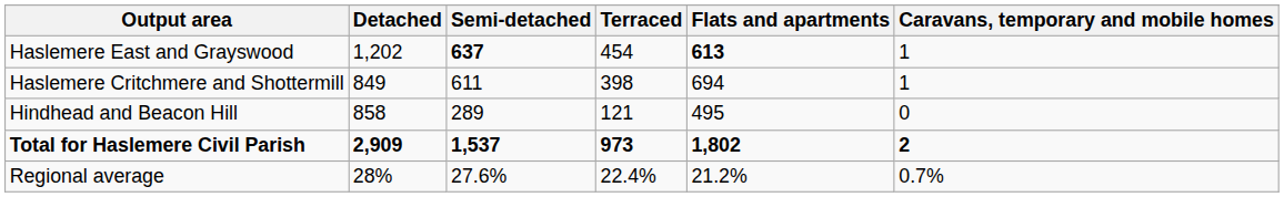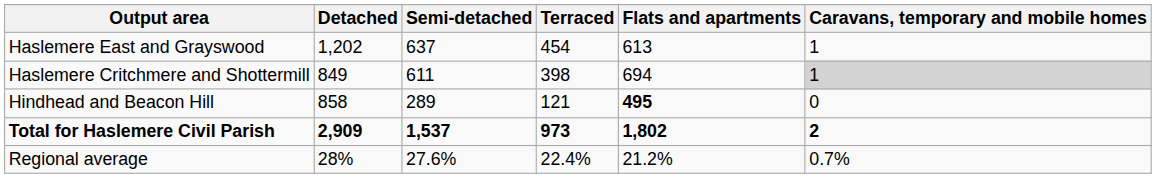 <table class="wikitable">
 <tr>
 </tr>
 <tr>
 <th>Output area</th>
 <th>Detached</th>
 <th>Semi-detached</th>
 <th>Terraced</th>
 <th>Flats and apartments</th>
 <th>Caravans, temporary and mobile homes</th>
 </tr>
 <tr>
 <td>Haslemere East and Grayswood</td>
 <td>1,202</td>
-<td><strong>637</strong></td>
+<td>637</td>
 <td>454</td>
-<td><strong>613</strong></td>
+<td>613</td>
 <td>1</td>
 </tr>
 <tr>
 <td>Haslemere Critchmere and Shottermill</td>
 <td>849</td>
 <td>611</td>
 <td>398</td>
 <td>694</td>
-<td>1</td>
+<td style="background: lightgrey;">1</td>
 </tr>
 <tr>
 <td>Hindhead and Beacon Hill</td>
 <td>858</td>
 <td>289</td>
 <td>121</td>
-<td>495</td>
+<td><strong>495</strong></td>
 <td>0</td>
 </tr>
 <tr>
 <td><strong>Total for Haslemere Civil Parish</strong></td>
 <td><strong>2,909</strong></td>
 <td><strong>1,537</strong></td>
 <td><strong>973</strong></td>
 <td><strong>1,802</strong></td>
 <td><strong>2</strong></td>
 </tr>
 <tr>
 <td>Regional average</td>
 <td>28%</td>
 <td>27.6%</td>
 <td>22.4%</td>
 <td>21.2%</td>
 <td>0.7%</td>
 </tr>
 </table>
